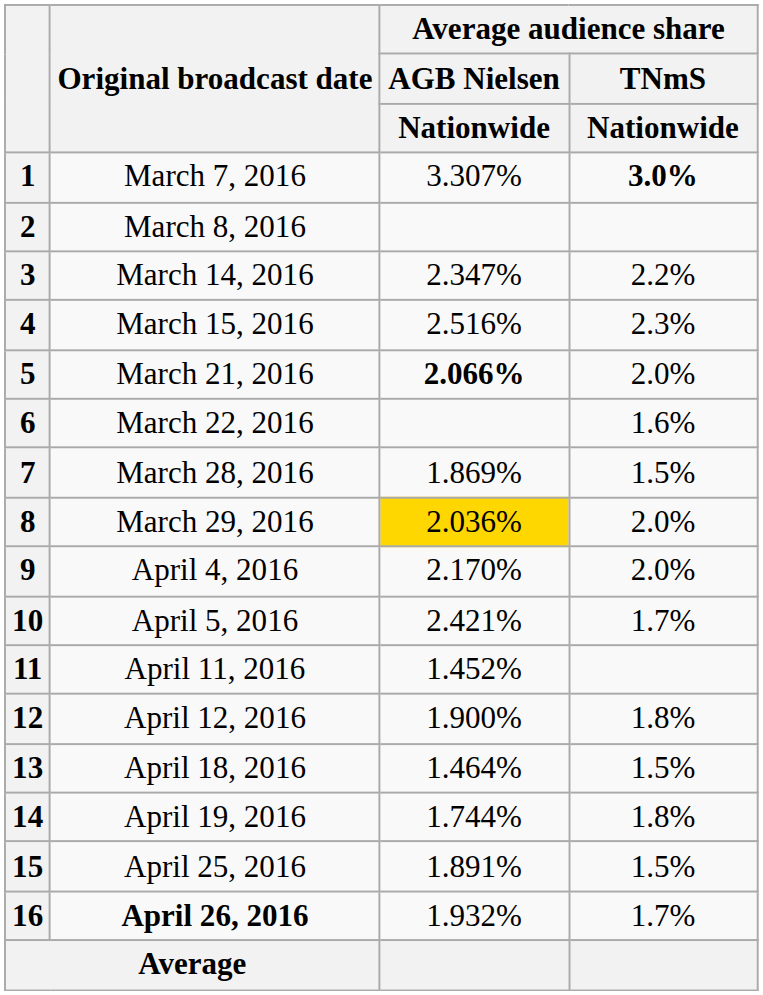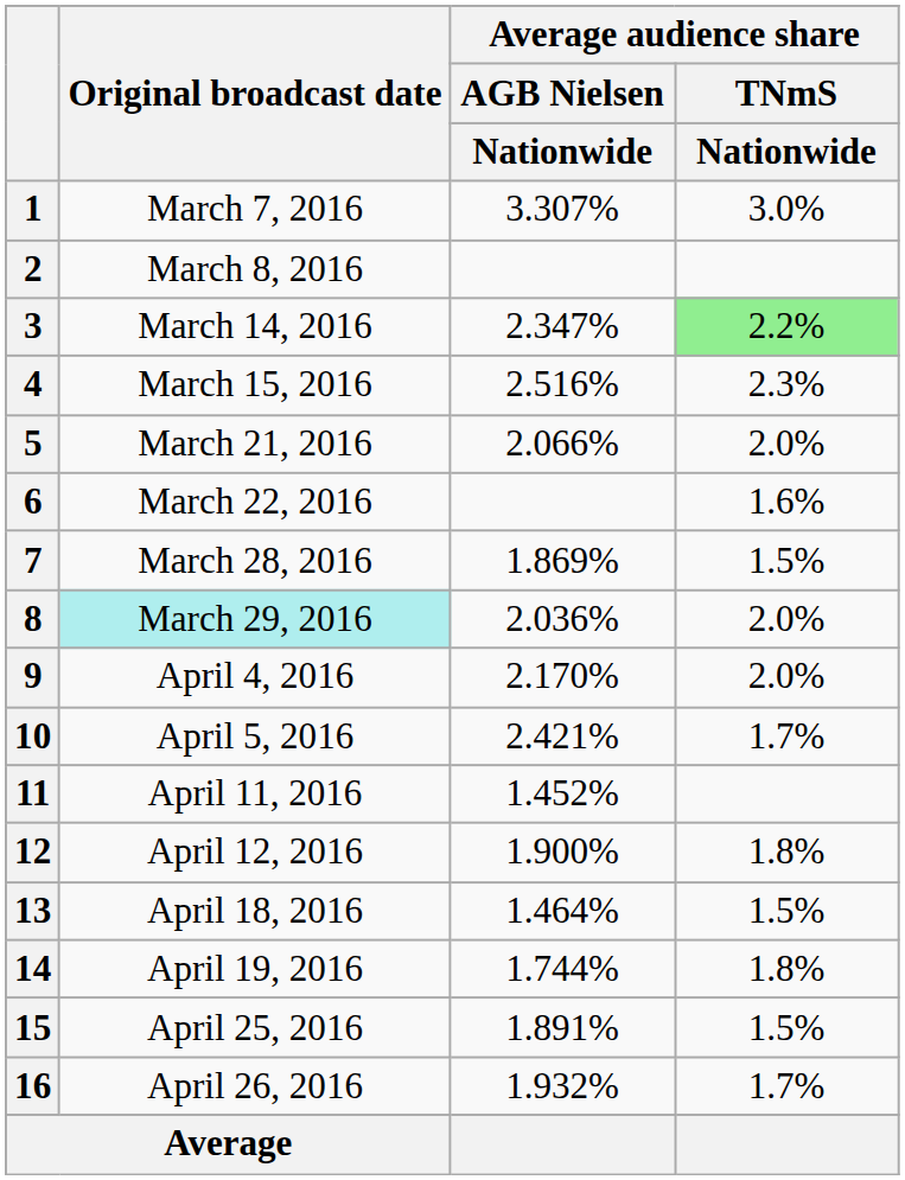 <table class="wikitable" style="text-align:center">
 <tr>
 <th rowspan="3"></th>
 <th rowspan="3">Original broadcast date</th>
 <th colspan="2">Average audience share</th>
 </tr>
 <tr>
 <th>AGB Nielsen</th>
 <th>TNmS</th>
 </tr>
 <tr>
 <th width="90">Nationwide</th>
 <th width="90">Nationwide</th>
 </tr>
 <tr>
 <th>1</th>
 <td>March 7, 2016</td>
 <td>3.307%</td>
-<td><strong>3.0%</strong></td>
+<td>3.0%</td>
 </tr>
 <tr>
 <th>2</th>
 <td>March 8, 2016</td>
 <td></td>
 <td></td>
 </tr>
 <tr>
 <th>3</th>
 <td>March 14, 2016</td>
 <td>2.347%</td>
-<td>2.2%</td>
+<td style="background: lightgreen;">2.2%</td>
 </tr>
 <tr>
 <th>4</th>
 <td>March 15, 2016</td>
 <td>2.516%</td>
 <td>2.3%</td>
 </tr>
 <tr>
 <th>5</th>
 <td>March 21, 2016</td>
-<td><strong>2.066%</strong></td>
+<td>2.066%</td>
 <td>2.0%</td>
 </tr>
 <tr>
 <th>6</th>
 <td>March 22, 2016</td>
 <td></td>
 <td>1.6%</td>
 </tr>
 <tr>
 <th>7</th>
 <td>March 28, 2016</td>
 <td>1.869%</td>
 <td>1.5%</td>
 </tr>
 <tr>
 <th>8</th>
-<td>March 29, 2016</td>
-<td style="background: gold;">2.036%</td>
+<td style="background: paleturquoise;">March 29, 2016</td>
+<td>2.036%</td>
 <td>2.0%</td>
 </tr>
 <tr>
 <th>9</th>
 <td>April 4, 2016</td>
 <td>2.170%</td>
 <td>2.0%</td>
 </tr>
 <tr>
 <th>10</th>
 <td>April 5, 2016</td>
 <td>2.421%</td>
 <td>1.7%</td>
 </tr>
 <tr>
 <th>11</th>
 <td>April 11, 2016</td>
 <td>1.452%</td>
 <td></td>
 </tr>
 <tr>
 <th>12</th>
 <td>April 12, 2016</td>
 <td>1.900%</td>
 <td>1.8%</td>
 </tr>
 <tr>
 <th>13</th>
 <td>April 18, 2016</td>
 <td>1.464%</td>
 <td>1.5%</td>
 </tr>
 <tr>
 <th>14</th>
 <td>April 19, 2016</td>
 <td>1.744%</td>
 <td>1.8%</td>
 </tr>
 <tr>
 <th>15</th>
 <td>April 25, 2016</td>
 <td>1.891%</td>
 <td>1.5%</td>
 </tr>
 <tr>
 <th>16</th>
-<td><strong>April 26, 2016</strong></td>
+<td>April 26, 2016</td>
 <td>1.932%</td>
 <td>1.7%</td>
 </tr>
 <tr>
 <th colspan="2">Average</th>
 <th></th>
 <th></th>
 </tr>
 </table>
